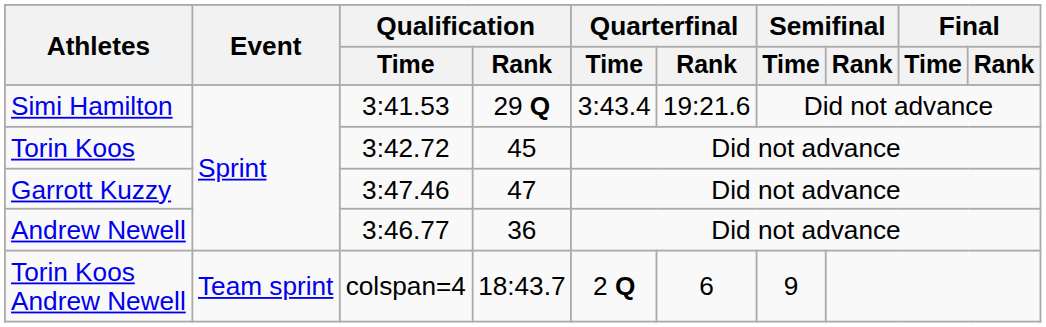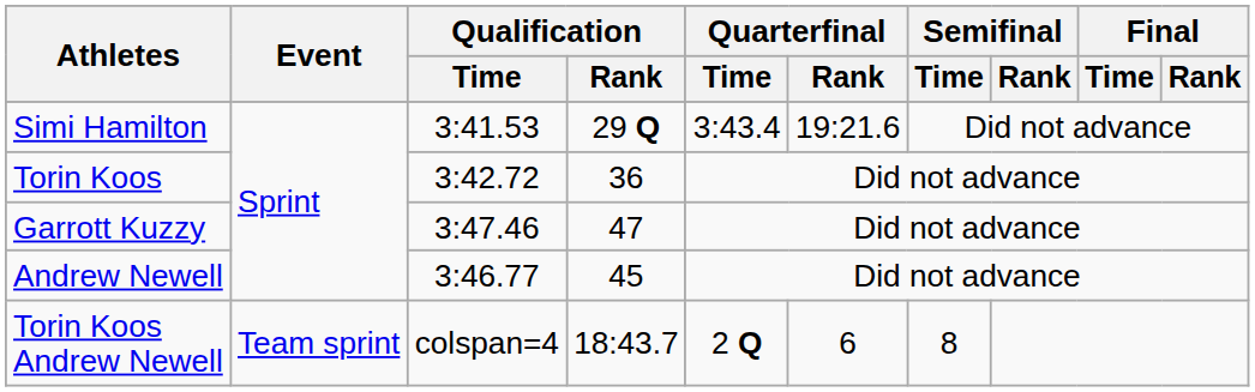 <table class=wikitable style=font-size:90%;text-align:center>
 <tr>
 <th rowspan=2>Athletes</th>
 <th rowspan=2>Event</th>
 <th colspan=2>Qualification</th>
 <th colspan=2>Quarterfinal</th>
 <th colspan=2>Semifinal</th>
 <th colspan=2>Final</th>
 </tr>
 <tr style=font-size:95%>
 <th>Time</th>
 <th>Rank</th>
 <th>Time</th>
 <th>Rank</th>
 <th>Time</th>
 <th>Rank</th>
 <th>Time</th>
 <th>Rank</th>
 </tr>
 <tr>
 <td align=left><a href='#'>Simi Hamilton</a></td>
 <td align=left rowspan=4><a href='#'>Sprint</a></td>
 <td>3:41.53</td>
 <td>29 <strong>Q</strong></td>
 <td>3:43.4</td>
 <td>19:21.6</td>
 <td colspan=4>Did not advance</td>
 </tr>
 <tr>
 <td align=left><a href='#'>Torin Koos</a></td>
 <td>3:42.72</td>
-<td>45</td>
+<td>36</td>
 <td colspan=6>Did not advance</td>
 </tr>
 <tr>
 <td align=left><a href='#'>Garrott Kuzzy</a></td>
 <td>3:47.46</td>
 <td>47</td>
 <td colspan=6>Did not advance</td>
 </tr>
 <tr>
 <td align=left><a href='#'>Andrew Newell</a></td>
 <td>3:46.77</td>
-<td>36</td>
+<td>45</td>
 <td colspan=6>Did not advance</td>
 </tr>
 <tr>
 <td align=left><a href='#'>Torin Koos</a><br><a href='#'>Andrew Newell</a></td>
 <td align=left><a href='#'>Team sprint</a></td>
 <td>colspan=4 </td>
 <td>18:43.7</td>
 <td>2 <strong>Q</strong></td>
 <td>6</td>
-<td>9</td>
+<td>8</td>
 </tr>
 </table>
